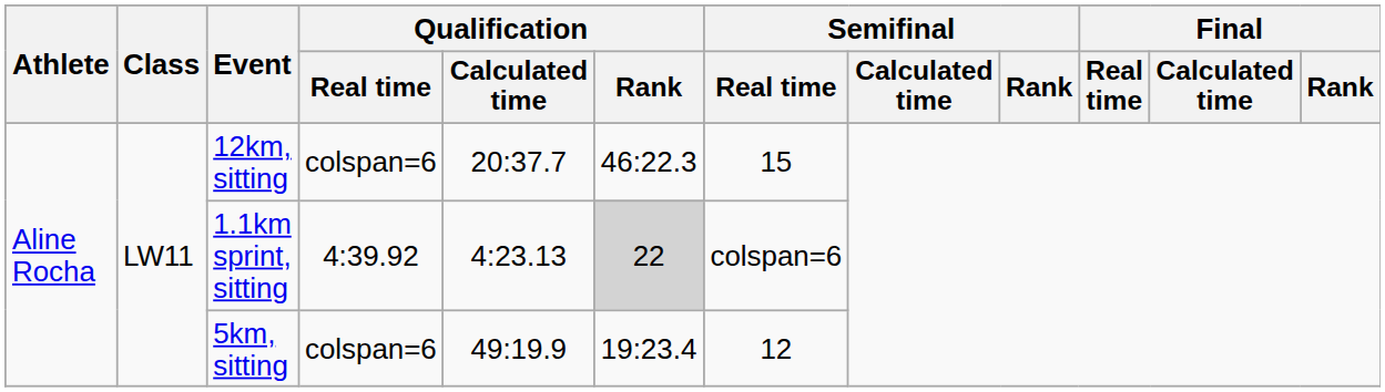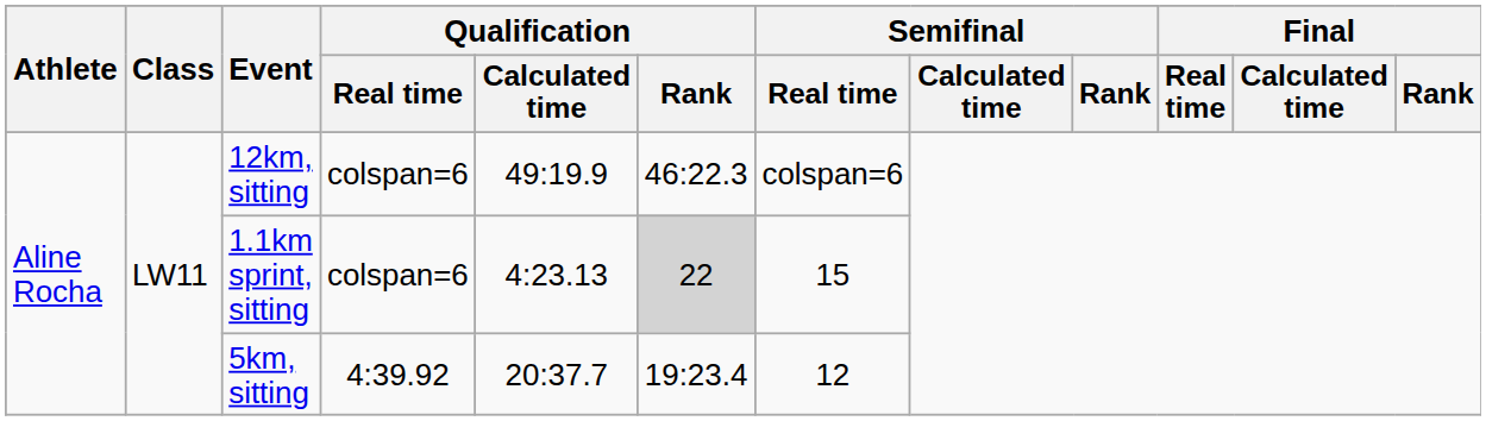 <table class=wikitable style="font-size:90%">
 <tr>
 <th rowspan=2>Athlete</th>
 <th rowspan=2>Class</th>
 <th rowspan=2>Event</th>
 <th colspan=3>Qualification</th>
 <th colspan=3>Semifinal</th>
 <th colspan=3>Final</th>
 </tr>
 <tr style="font-size:95%">
 <th>Real time</th>
 <th>Calculated time</th>
 <th>Rank</th>
 <th>Real time</th>
 <th>Calculated time</th>
 <th>Rank</th>
 <th>Real time</th>
 <th>Calculated time</th>
 <th>Rank</th>
 </tr>
 <tr>
 <td rowspan=3><a href='#'>Aline Rocha</a></td>
 <td rowspan=3>LW11</td>
 <td><a href='#'>12km, sitting</a></td>
 <td>colspan=6 </td>
-<td align="center">20:37.7</td>
+<td align="center">49:19.9</td>
 <td align="center">46:22.3</td>
+<td>colspan=6 </td>
+</tr>
+<tr>
+<td><a href='#'>1.1km sprint, sitting</a></td>
+<td>colspan=6 </td>
+<td align="center">4:23.13</td>
+<td align="center" style="background: lightgrey;">22</td>
 <td align="center">15</td>
 </tr>
 <tr>
-<td><a href='#'>1.1km sprint, sitting</a></td>
+<td><a href='#'>5km, sitting</a></td>
 <td align="center">4:39.92</td>
-<td align="center">4:23.13</td>
-<td align="center" style="background: lightgrey;">22</td>
-<td>colspan=6 </td>
-</tr>
-<tr>
-<td><a href='#'>5km, sitting</a></td>
-<td>colspan=6 </td>
-<td align="center">49:19.9</td>
+<td align="center">20:37.7</td>
 <td align="center">19:23.4</td>
 <td align="center">12</td>
 </tr>
 </table>
